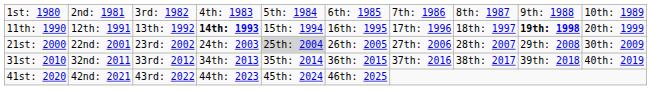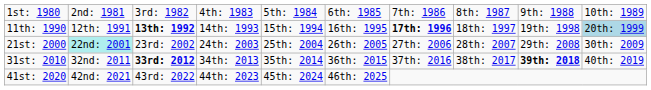 <table class="wikitable">
 <tr>
 <td>1st: <a href='#'>1980</a></td>
 <td>2nd: <a href='#'>1981</a></td>
 <td>3rd: <a href='#'>1982</a></td>
 <td>4th: <a href='#'>1983</a></td>
 <td>5th: <a href='#'>1984</a></td>
 <td>6th: <a href='#'>1985</a></td>
 <td>7th: <a href='#'>1986</a></td>
 <td>8th: <a href='#'>1987</a></td>
 <td>9th: <a href='#'>1988</a></td>
 <td>10th: <a href='#'>1989</a></td>
 </tr>
 <tr>
 <td>11th: <a href='#'>1990</a></td>
 <td>12th: <a href='#'>1991</a></td>
-<td>13th: <a href='#'>1992</a></td>
-<td><strong>14th: <a href='#'>1993</a></strong></td>
+<td><strong>13th: <a href='#'>1992</a></strong></td>
+<td>14th: <a href='#'>1993</a></td>
 <td>15th: <a href='#'>1994</a></td>
 <td>16th: <a href='#'>1995</a></td>
-<td>17th: <a href='#'>1996</a></td>
+<td><strong>17th: <a href='#'>1996</a></strong></td>
 <td>18th: <a href='#'>1997</a></td>
-<td><strong>19th: <a href='#'>1998</a></strong></td>
-<td>20th: <a href='#'>1999</a></td>
+<td>19th: <a href='#'>1998</a></td>
+<td style="background: lightblue;">20th: <a href='#'>1999</a></td>
 </tr>
 <tr>
 <td>21st: <a href='#'>2000</a></td>
-<td>22nd: <a href='#'>2001</a></td>
+<td style="background: paleturquoise;">22nd: <a href='#'>2001</a></td>
 <td>23rd: <a href='#'>2002</a></td>
 <td>24th: <a href='#'>2003</a></td>
-<td style="background: lightgrey;">25th: <a href='#'>2004</a></td>
+<td>25th: <a href='#'>2004</a></td>
 <td>26th: <a href='#'>2005</a></td>
 <td>27th: <a href='#'>2006</a></td>
 <td>28th: <a href='#'>2007</a></td>
 <td>29th: <a href='#'>2008</a></td>
 <td>30th: <a href='#'>2009</a></td>
 </tr>
 <tr>
 <td>31st: <a href='#'>2010</a></td>
 <td>32nd: <a href='#'>2011</a></td>
-<td>33rd: <a href='#'>2012</a></td>
+<td><strong>33rd: <a href='#'>2012</a></strong></td>
 <td>34th: <a href='#'>2013</a></td>
 <td>35th: <a href='#'>2014</a></td>
 <td>36th: <a href='#'>2015</a></td>
 <td>37th: <a href='#'>2016</a></td>
 <td>38th: <a href='#'>2017</a></td>
-<td>39th: <a href='#'>2018</a></td>
+<td><strong>39th: <a href='#'>2018</a></strong></td>
 <td>40th: <a href='#'>2019</a></td>
 </tr>
 <tr>
 <td>41st: <a href='#'>2020</a></td>
 <td>42nd: <a href='#'>2021</a></td>
 <td>43rd: <a href='#'>2022</a></td>
 <td>44th: <a href='#'>2023</a></td>
 <td>45th: <a href='#'>2024</a></td>
 <td>46th: <a href='#'>2025</a></td>
 </tr>
 </table>
